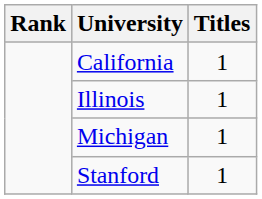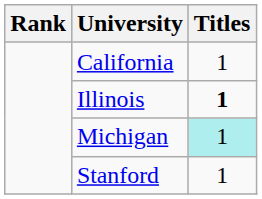 <table class="wikitable sortable" style="text-align:center">
 <tr>
 <th>Rank</th>
 <th>University</th>
 <th>Titles</th>
 </tr>
 <tr>
 <td rowspan="5"></td>
 <td align=left><a href='#'>California</a></td>
 <td>1</td>
 </tr>
 <tr>
 <td align=left><a href='#'>Illinois</a></td>
-<td>1</td>
+<td><strong>1</strong></td>
 </tr>
 <tr>
 <td align=left><a href='#'>Michigan</a></td>
-<td>1</td>
+<td style="background: paleturquoise;">1</td>
 </tr>
 <tr>
 <td align=left><a href='#'>Stanford</a></td>
 <td>1</td>
 </tr>
 </table>
